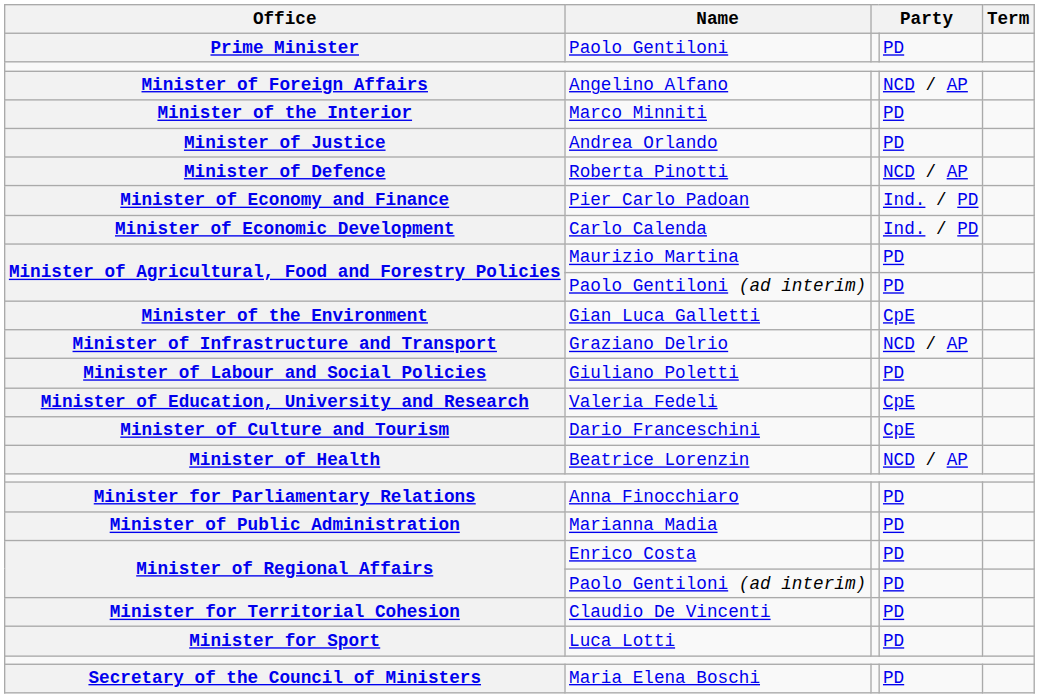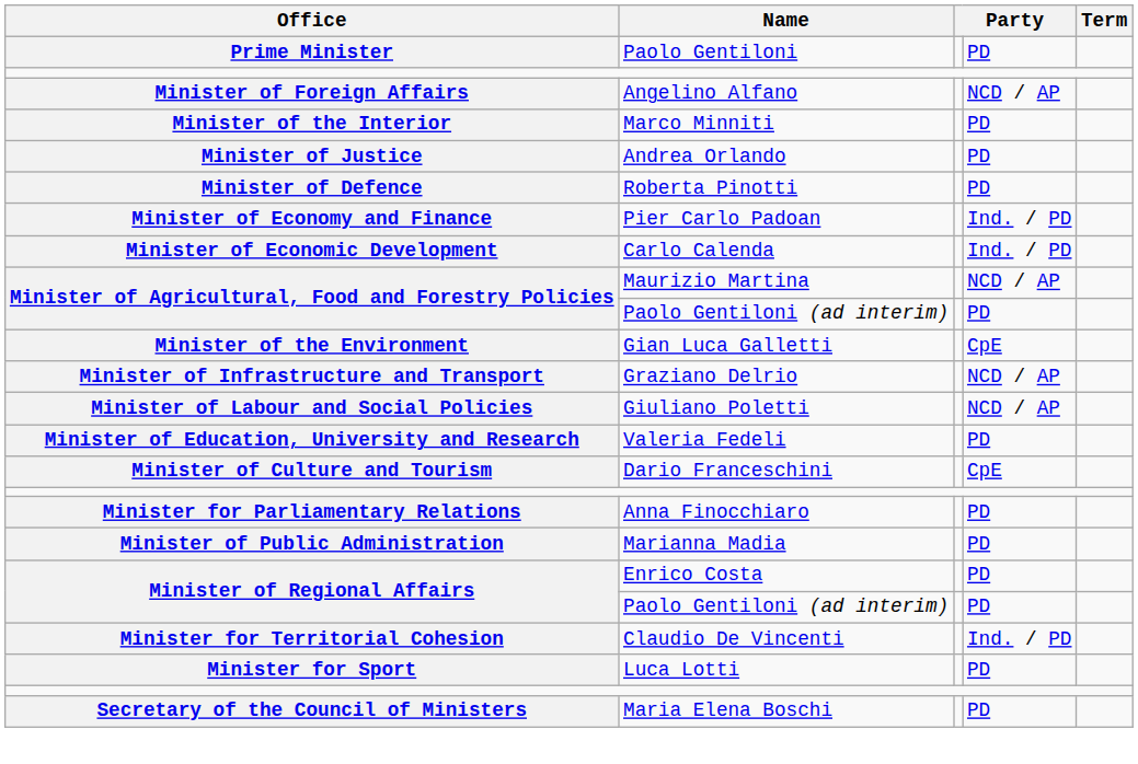 <table class="wikitable" style="font-size: 100%;">
 <tr>
 <th>Office</th>
 <th>Name</th>
 <th colspan=2>Party</th>
 <th>Term</th>
 </tr>
 <tr>
 <th><a href='#'>Prime Minister</a></th>
 <td><a href='#'>Paolo Gentiloni</a></td>
 <td style="color:inherit;background:"></td>
 <td><a href='#'>PD</a></td>
 <td></td>
 </tr>
 <tr>
 <td colspan="5"></td>
 </tr>
 <tr>
 <th><a href='#'>Minister of Foreign Affairs</a></th>
 <td><a href='#'>Angelino Alfano</a></td>
 <td style="color:inherit;background:"></td>
 <td><a href='#'>NCD</a> / <a href='#'>AP</a></td>
 <td></td>
 </tr>
 <tr>
 <th><a href='#'>Minister of the Interior</a></th>
 <td><a href='#'>Marco Minniti</a></td>
 <td style="color:inherit;background:"></td>
 <td><a href='#'>PD</a></td>
 <td></td>
 </tr>
 <tr>
 <th><a href='#'>Minister of Justice</a></th>
 <td><a href='#'>Andrea Orlando</a></td>
 <td style="color:inherit;background:"></td>
 <td><a href='#'>PD</a></td>
 <td></td>
 </tr>
 <tr>
 <th><a href='#'>Minister of Defence</a></th>
 <td><a href='#'>Roberta Pinotti</a></td>
 <td style="color:inherit;background:"></td>
-<td><a href='#'>NCD</a> / <a href='#'>AP</a></td>
+<td><a href='#'>PD</a></td>
 <td></td>
 </tr>
 <tr>
 <th><a href='#'>Minister of Economy and Finance</a></th>
 <td><a href='#'>Pier Carlo Padoan</a></td>
 <td style="color:inherit;background:"></td>
 <td><a href='#'>Ind.</a> / <a href='#'>PD</a></td>
 <td></td>
 </tr>
 <tr>
 <th><a href='#'>Minister of Economic Development</a></th>
 <td><a href='#'>Carlo Calenda</a></td>
 <td style="color:inherit;background:"></td>
 <td><a href='#'>Ind.</a> / <a href='#'>PD</a></td>
 <td></td>
 </tr>
 <tr>
 <th rowspan="2"><a href='#'>Minister of Agricultural, Food and Forestry Policies</a></th>
 <td><a href='#'>Maurizio Martina</a></td>
 <td style="color:inherit;background:"></td>
-<td><a href='#'>PD</a></td>
+<td><a href='#'>NCD</a> / <a href='#'>AP</a></td>
 <td></td>
 </tr>
 <tr>
 <td><a href='#'>Paolo Gentiloni</a> <em>(ad interim)</em></td>
 <td style="color:inherit;background:"></td>
 <td><a href='#'>PD</a></td>
 <td></td>
 </tr>
 <tr>
 <th><a href='#'>Minister of the Environment</a></th>
 <td><a href='#'>Gian Luca Galletti</a></td>
 <td style="color:inherit;background:"></td>
 <td><a href='#'>CpE</a></td>
 <td></td>
 </tr>
 <tr>
 <th><a href='#'>Minister of Infrastructure and Transport</a></th>
 <td><a href='#'>Graziano Delrio</a></td>
 <td style="color:inherit;background:"></td>
 <td><a href='#'>NCD</a> / <a href='#'>AP</a></td>
 <td></td>
 </tr>
 <tr>
 <th><a href='#'>Minister of Labour and Social Policies</a></th>
 <td><a href='#'>Giuliano Poletti</a></td>
 <td style="color:inherit;background:"></td>
-<td><a href='#'>PD</a></td>
+<td><a href='#'>NCD</a> / <a href='#'>AP</a></td>
 <td></td>
 </tr>
 <tr>
 <th><a href='#'>Minister of Education, University and Research</a></th>
 <td><a href='#'>Valeria Fedeli</a></td>
 <td style="color:inherit;background:"></td>
-<td><a href='#'>CpE</a></td>
+<td><a href='#'>PD</a></td>
 <td></td>
 </tr>
 <tr>
 <th><a href='#'>Minister of Culture and Tourism</a></th>
 <td><a href='#'>Dario Franceschini</a></td>
 <td style="color:inherit;background:"></td>
 <td><a href='#'>CpE</a></td>
-<td></td>
-</tr>
-<tr>
-<th><a href='#'>Minister of Health</a></th>
-<td><a href='#'>Beatrice Lorenzin</a></td>
-<td style="color:inherit;background:"></td>
-<td><a href='#'>NCD</a> / <a href='#'>AP</a></td>
 <td></td>
 </tr>
 <tr>
 <td colspan="5"></td>
 </tr>
 <tr>
 <th><a href='#'>Minister for Parliamentary Relations</a></th>
 <td><a href='#'>Anna Finocchiaro</a></td>
 <td style="color:inherit;background:"></td>
 <td><a href='#'>PD</a></td>
 <td></td>
 </tr>
 <tr>
 <th><a href='#'>Minister of Public Administration</a></th>
 <td><a href='#'>Marianna Madia</a></td>
 <td style="color:inherit;background:"></td>
 <td><a href='#'>PD</a></td>
 <td></td>
 </tr>
 <tr>
 <th rowspan="2"><a href='#'>Minister of Regional Affairs</a></th>
 <td><a href='#'>Enrico Costa</a></td>
 <td style="color:inherit;background:"></td>
 <td><a href='#'>PD</a></td>
 <td></td>
 </tr>
 <tr>
 <td><a href='#'>Paolo Gentiloni</a> <em>(ad interim)</em></td>
 <td style="color:inherit;background:"></td>
 <td><a href='#'>PD</a></td>
 <td></td>
 </tr>
 <tr>
 <th><a href='#'>Minister for Territorial Cohesion</a></th>
 <td><a href='#'>Claudio De Vincenti</a></td>
 <td style="color:inherit;background:"></td>
-<td><a href='#'>PD</a></td>
+<td><a href='#'>Ind.</a> / <a href='#'>PD</a></td>
 <td></td>
 </tr>
 <tr>
 <th><a href='#'>Minister for Sport</a></th>
 <td><a href='#'>Luca Lotti</a></td>
 <td style="color:inherit;background:"></td>
 <td><a href='#'>PD</a></td>
 <td></td>
 </tr>
 <tr>
 <td colspan="5"></td>
 </tr>
 <tr>
 <th><a href='#'>Secretary of the Council of Ministers</a></th>
 <td><a href='#'>Maria Elena Boschi</a></td>
 <td style="color:inherit;background:"></td>
 <td><a href='#'>PD</a></td>
 <td></td>
 </tr>
 </table>
